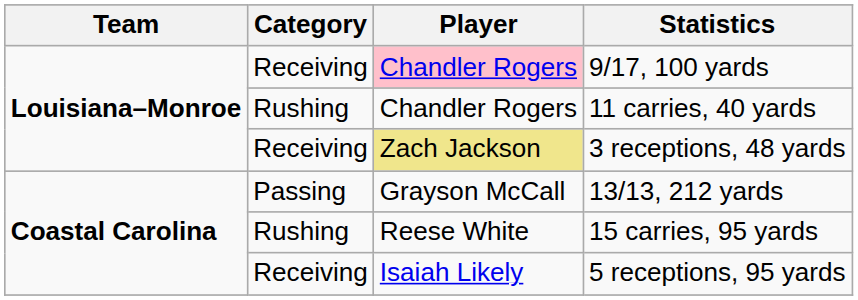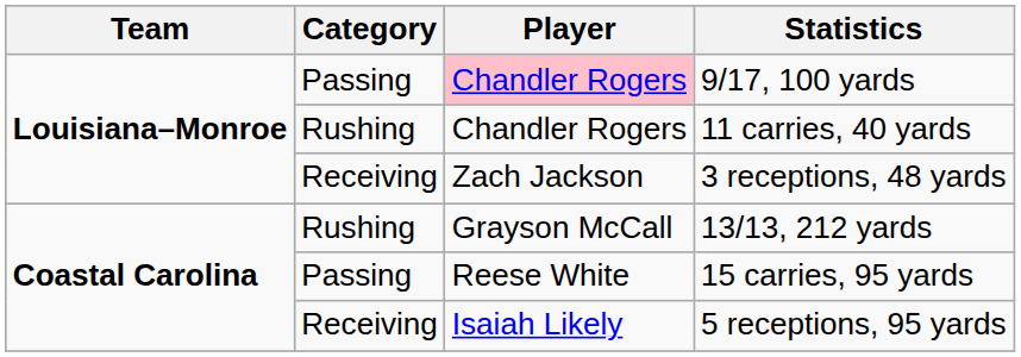 <table class="wikitable" style="float: left;">
 <tr>
 <th>Team</th>
 <th>Category</th>
 <th>Player</th>
 <th>Statistics</th>
 </tr>
 <tr>
 <td rowspan=3><strong>Louisiana–Monroe</strong></td>
-<td>Receiving</td>
+<td>Passing</td>
 <td style="background: pink;"><a href='#'>Chandler Rogers</a></td>
 <td>9/17, 100 yards</td>
 </tr>
 <tr>
 <td>Rushing</td>
 <td>Chandler Rogers</td>
 <td>11 carries, 40 yards</td>
 </tr>
 <tr>
 <td>Receiving</td>
-<td style="background: khaki;">Zach Jackson</td>
+<td>Zach Jackson</td>
 <td>3 receptions, 48 yards</td>
 </tr>
 <tr>
 <td rowspan=3><strong>Coastal Carolina</strong></td>
-<td>Passing</td>
+<td>Rushing</td>
 <td>Grayson McCall</td>
 <td>13/13, 212 yards</td>
 </tr>
 <tr>
-<td>Rushing</td>
+<td>Passing</td>
 <td>Reese White</td>
 <td>15 carries, 95 yards</td>
 </tr>
 <tr>
 <td>Receiving</td>
 <td><a href='#'>Isaiah Likely</a></td>
 <td>5 receptions, 95 yards</td>
 </tr>
 </table>
